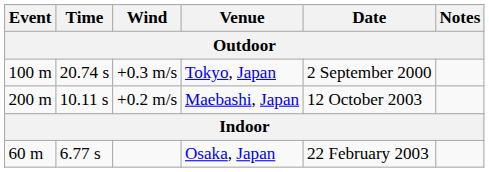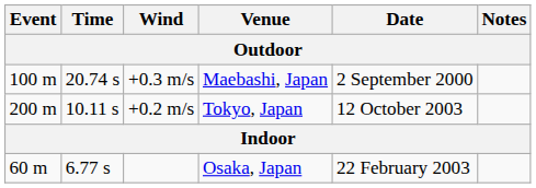 <table class="wikitable">
 <tr>
 <th>Event</th>
 <th>Time</th>
 <th>Wind</th>
 <th>Venue</th>
 <th>Date</th>
 <th>Notes</th>
 </tr>
 <tr>
 <th colspan="6">Outdoor</th>
 </tr>
 <tr>
 <td>100 m</td>
 <td>20.74 s</td>
 <td>+0.3 m/s</td>
-<td><a href='#'>Tokyo</a>, <a href='#'>Japan</a></td>
+<td><a href='#'>Maebashi</a>, <a href='#'>Japan</a></td>
 <td>2 September 2000</td>
 <td></td>
 </tr>
 <tr>
 <td>200 m</td>
 <td>10.11 s</td>
 <td>+0.2 m/s</td>
-<td><a href='#'>Maebashi</a>, <a href='#'>Japan</a></td>
+<td><a href='#'>Tokyo</a>, <a href='#'>Japan</a></td>
 <td>12 October 2003</td>
 <td></td>
 </tr>
 <tr>
 <th colspan="6">Indoor</th>
 </tr>
 <tr>
 <td>60 m</td>
 <td>6.77 s</td>
 <td></td>
 <td><a href='#'>Osaka</a>, <a href='#'>Japan</a></td>
 <td>22 February 2003</td>
 <td></td>
 </tr>
 </table>
